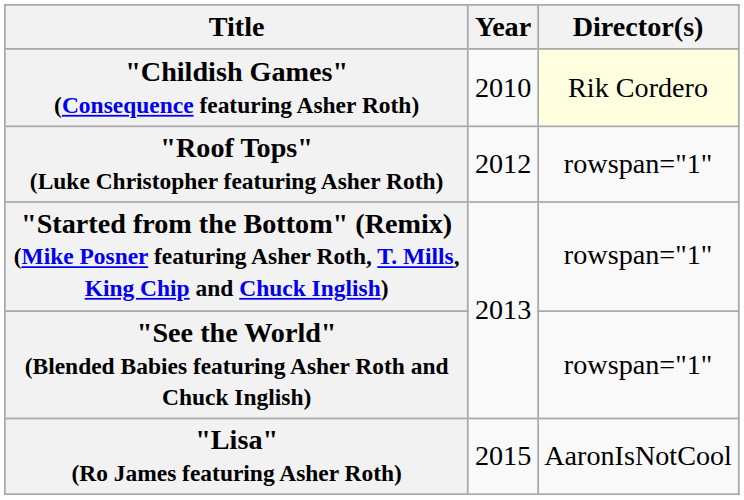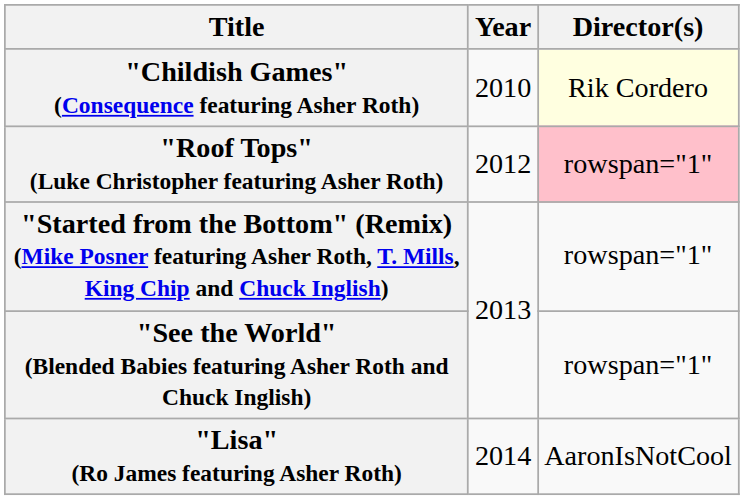 <table class="wikitable plainrowheaders" style="text-align:center;">
 <tr>
 <th scope="col" style="width:16em;">Title</th>
 <th scope="col">Year</th>
 <th scope="col">Director(s)</th>
 </tr>
 <tr>
 <th scope="row">"Childish Games"<br><small>(<a href='#'>Consequence</a> featuring Asher Roth)</small></th>
 <td>2010</td>
 <td style="background: lightyellow;">Rik Cordero</td>
 </tr>
 <tr>
 <th scope="row">"Roof Tops"<br><small>(Luke Christopher featuring Asher Roth)</small></th>
 <td>2012</td>
-<td>rowspan="1" </td>
+<td style="background: pink;">rowspan="1" </td>
 </tr>
 <tr>
 <th scope="row">"Started from the Bottom" (Remix)<br><small>(<a href='#'>Mike Posner</a> featuring Asher Roth, <a href='#'>T. Mills</a>, <a href='#'>King Chip</a> and <a href='#'>Chuck Inglish</a>)</small></th>
 <td rowspan="2">2013</td>
 <td>rowspan="1" </td>
 </tr>
 <tr>
 <th scope="row">"See the World"<br><small>(Blended Babies featuring Asher Roth and Chuck Inglish)</small></th>
 <td>rowspan="1" </td>
 </tr>
 <tr>
 <th scope="row">"Lisa"<br><small>(Ro James featuring Asher Roth)</small></th>
-<td>2015</td>
+<td>2014</td>
 <td>AaronIsNotCool</td>
 </tr>
 </table>
